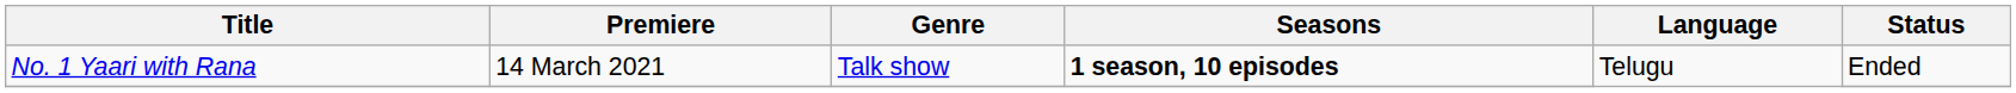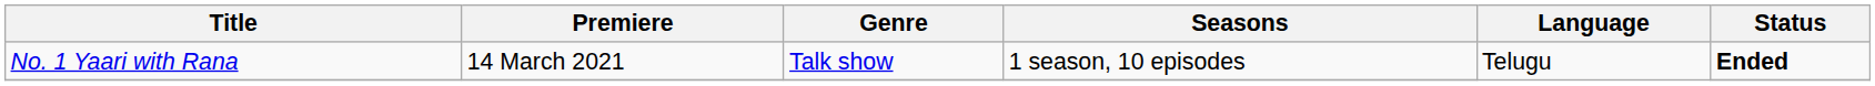 <table class="wikitable sortable" style="width:100%;">
 <tr>
 <th>Title</th>
 <th>Premiere</th>
 <th>Genre</th>
 <th>Seasons</th>
 <th>Language</th>
 <th>Status</th>
 </tr>
 <tr>
 <td><a href='#'><em>No. 1 Yaari with Rana</em></a></td>
 <td>14 March 2021</td>
 <td><a href='#'>Talk show</a></td>
-<td><strong>1 season, 10 episodes</strong></td>
+<td>1 season, 10 episodes</td>
 <td rowspan="3">Telugu</td>
-<td>Ended</td>
+<td><strong>Ended</strong></td>
 </tr>
 <tr>
 </tr>
 </table>
